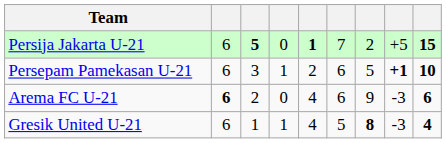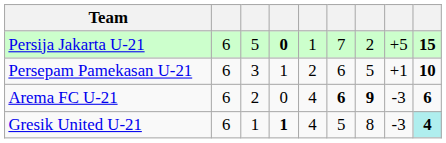 <table class="wikitable" style="text-align:center">
 <tr>
 <th width=190>Team</th>
 <th width=20></th>
 <th width=20></th>
 <th width=20></th>
 <th width=20></th>
 <th width=20></th>
 <th width=20></th>
 <th width=20></th>
 <th width=20></th>
 </tr>
 <tr bgcolor="#ccffcc">
 <td align=left><a href='#'>Persija Jakarta U-21</a></td>
 <td>6</td>
-<td><strong>5</strong></td>
-<td>0</td>
-<td><strong>1</strong></td>
+<td>5</td>
+<td><strong>0</strong></td>
+<td>1</td>
 <td>7</td>
 <td>2</td>
 <td>+5</td>
 <td><strong>15</strong></td>
 </tr>
 <tr>
 <td align=left><a href='#'>Persepam Pamekasan U-21</a></td>
 <td>6</td>
 <td>3</td>
 <td>1</td>
 <td>2</td>
 <td>6</td>
 <td>5</td>
-<td><strong>+1</strong></td>
+<td>+1</td>
 <td><strong>10</strong></td>
 </tr>
 <tr>
 <td align=left><a href='#'>Arema FC U-21</a></td>
-<td><strong>6</strong></td>
+<td>6</td>
 <td>2</td>
 <td>0</td>
 <td>4</td>
-<td>6</td>
-<td>9</td>
+<td><strong>6</strong></td>
+<td><strong>9</strong></td>
 <td>-3</td>
 <td><strong>6</strong></td>
 </tr>
 <tr>
 <td align=left><a href='#'>Gresik United U-21</a></td>
 <td>6</td>
 <td>1</td>
-<td>1</td>
+<td><strong>1</strong></td>
 <td>4</td>
 <td>5</td>
-<td><strong>8</strong></td>
+<td>8</td>
 <td>-3</td>
-<td><strong>4</strong></td>
+<td style="background: paleturquoise;"><strong>4</strong></td>
 </tr>
 </table>
